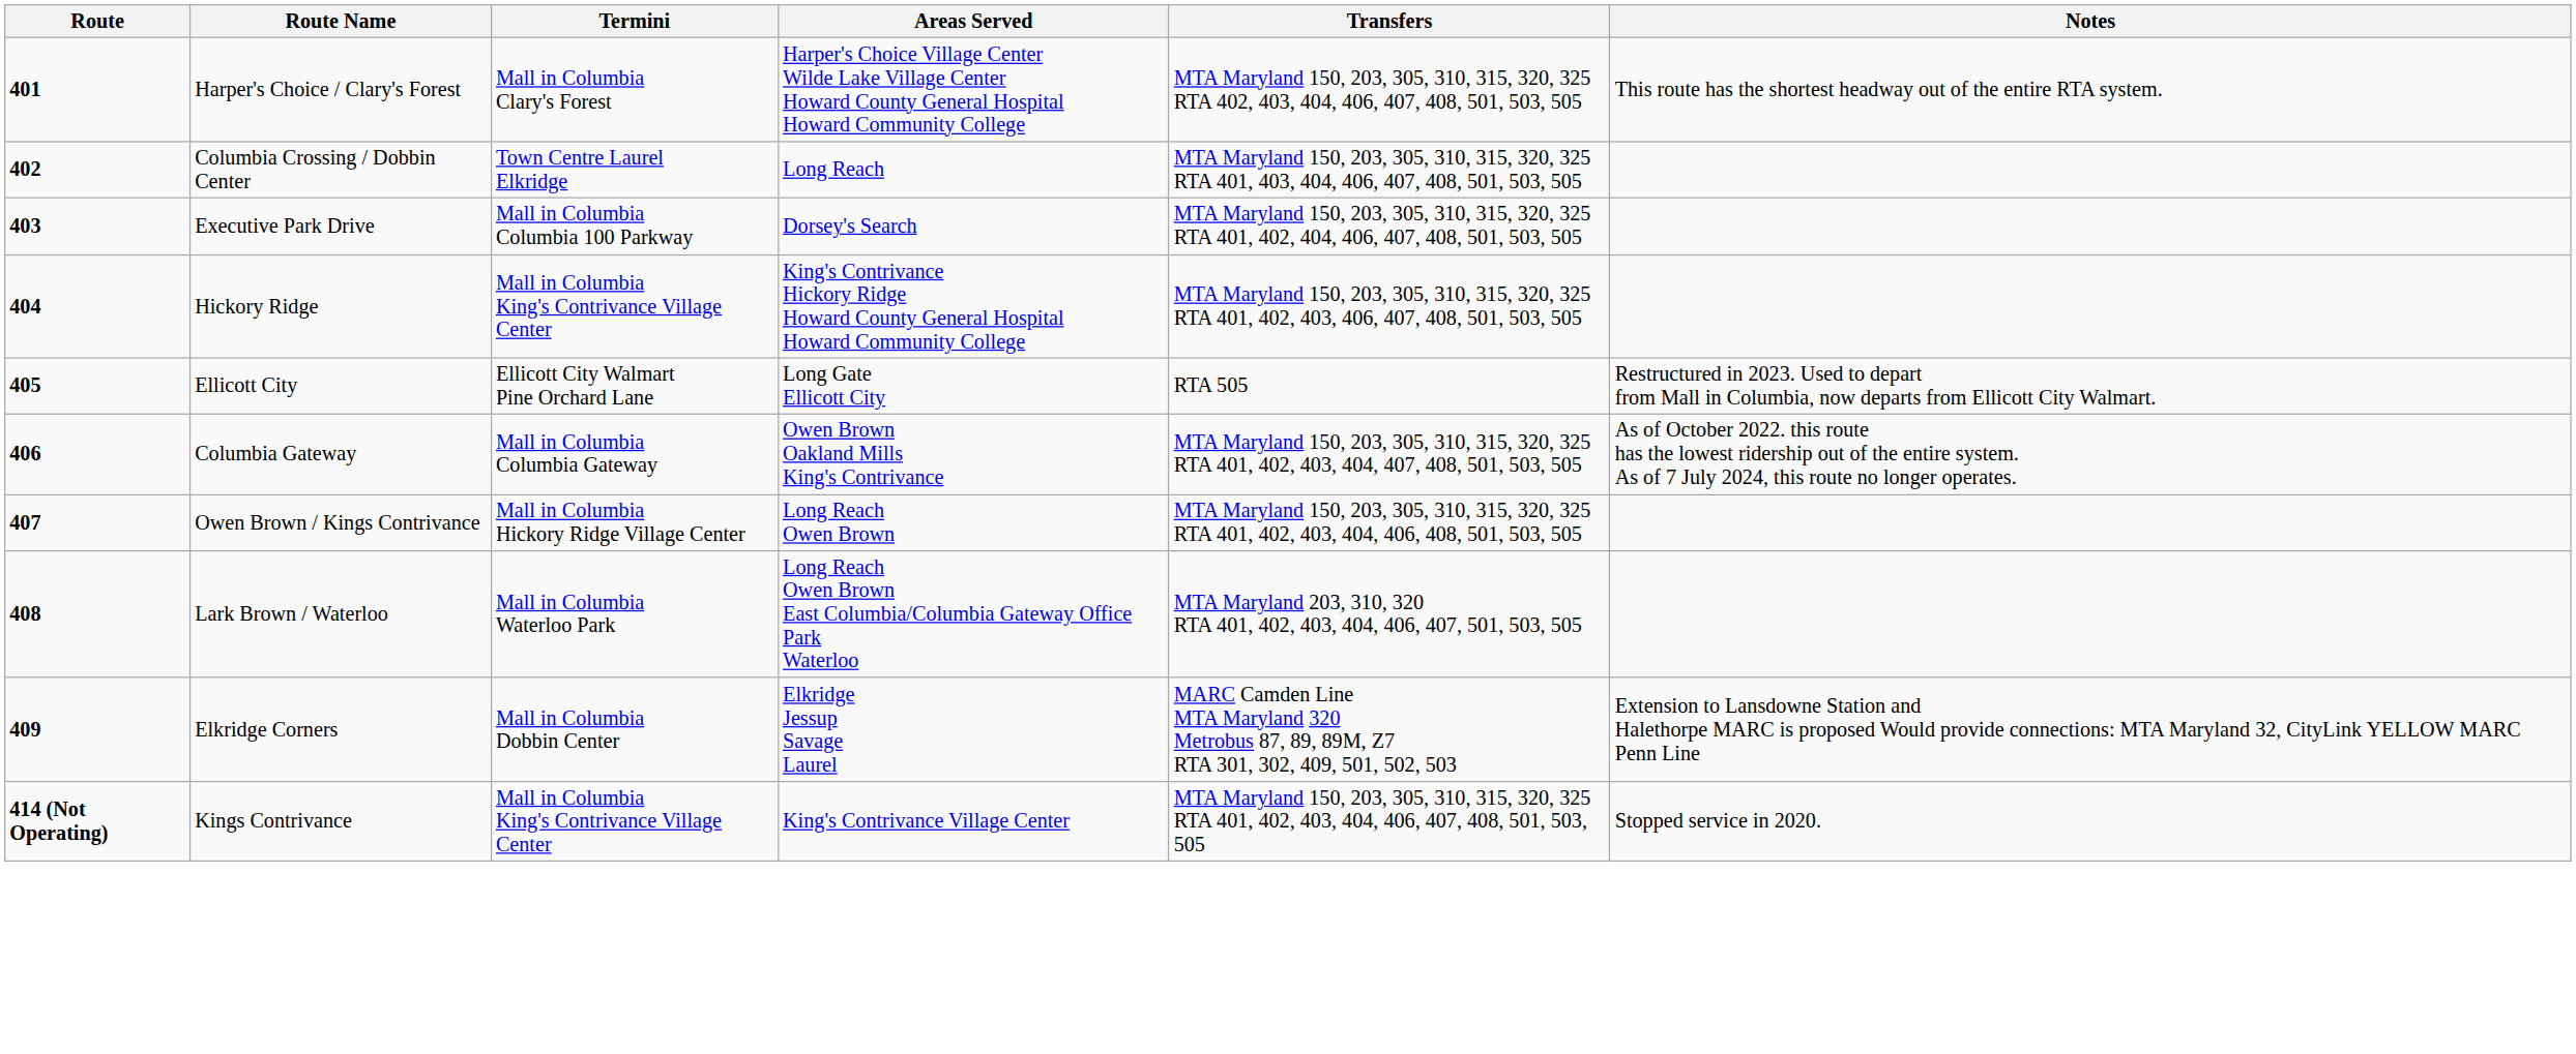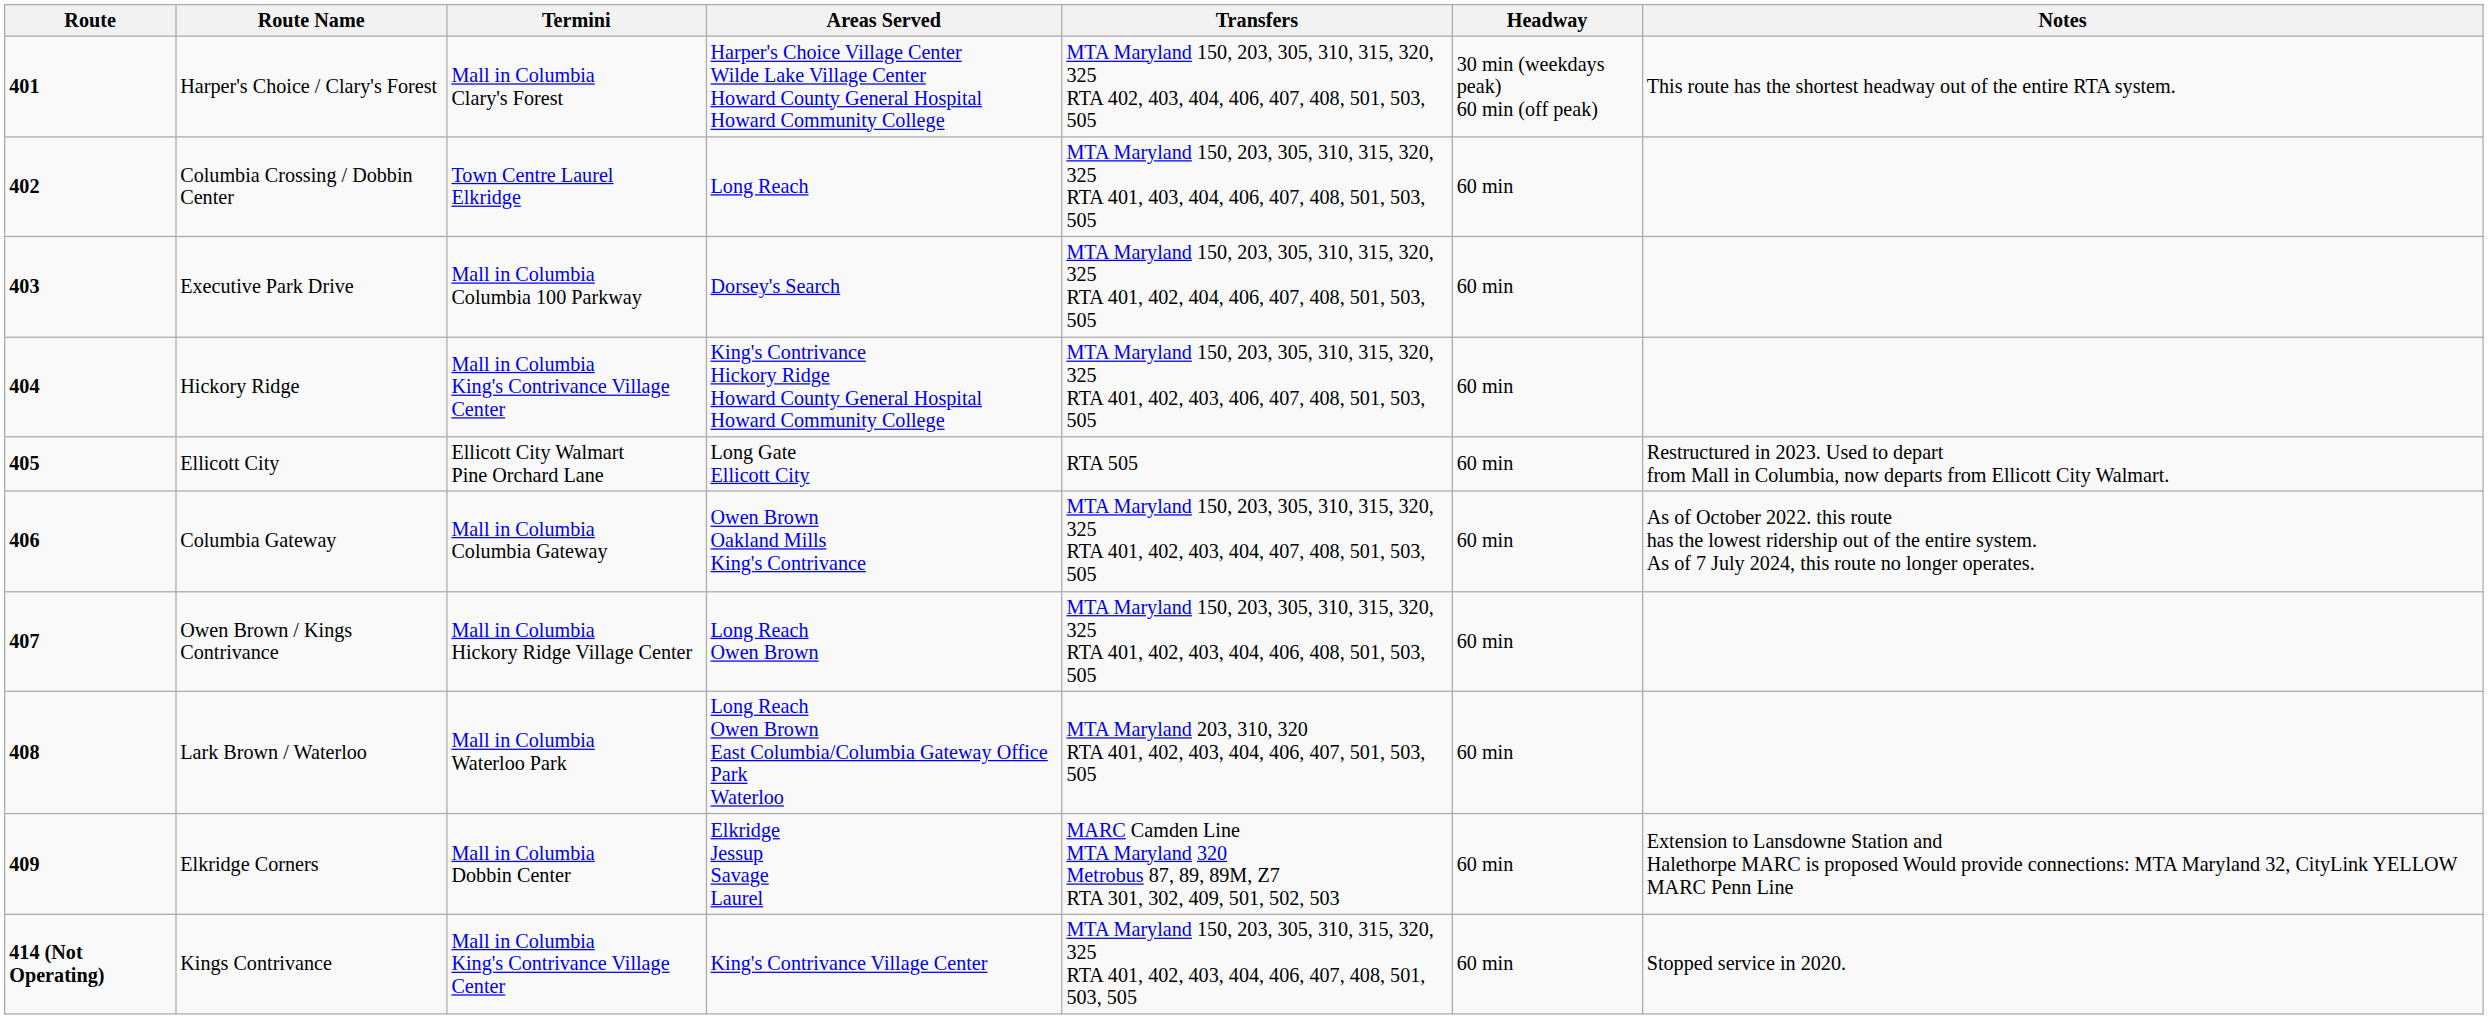 <table class="wikitable sticky-header">
 <tr>
 <th>Route</th>
 <th><strong>Route Name</strong></th>
 <th>Termini</th>
 <th>Areas Served</th>
 <th>Transfers</th>
+<th>Headway</th>
 <th>Notes</th>
 </tr>
 <tr>
 <td><strong>401</strong></td>
 <td>Harper's Choice / Clary's Forest</td>
 <td><a href='#'>Mall in Columbia</a><br>Clary's Forest</td>
 <td><a href='#'>Harper's Choice Village Center</a><br><a href='#'>Wilde Lake Village Center</a><br><a href='#'>Howard County General Hospital</a><br><a href='#'>Howard Community College</a></td>
 <td><a href='#'>MTA Maryland</a> 150, 203, 305, 310, 315, 320, 325 <br>RTA 402, 403, 404, 406, 407, 408, 501, 503, 505</td>
+<td>30 min (weekdays peak)<br>60 min (off peak)</td>
 <td>This route has the shortest headway out of the entire RTA system.</td>
 </tr>
 <tr>
 <td><strong>402</strong></td>
 <td>Columbia Crossing / Dobbin Center</td>
 <td><a href='#'>Town Centre Laurel</a><br><a href='#'>Elkridge</a></td>
 <td><a href='#'>Long Reach</a></td>
 <td><a href='#'>MTA Maryland</a> 150, 203, 305, 310, 315, 320, 325<br>RTA 401, 403, 404, 406, 407, 408, 501, 503, 505</td>
+<td>60 min</td>
 <td></td>
 </tr>
 <tr>
 <td><strong>403</strong></td>
 <td>Executive Park Drive</td>
 <td><a href='#'>Mall in Columbia</a><br>Columbia 100 Parkway</td>
 <td><a href='#'>Dorsey's Search</a></td>
 <td><a href='#'>MTA Maryland</a> 150, 203, 305, 310, 315, 320, 325<br>RTA 401, 402, 404, 406, 407, 408, 501, 503, 505</td>
+<td>60 min</td>
 <td></td>
 </tr>
 <tr>
 <td><strong>404</strong></td>
 <td>Hickory Ridge</td>
 <td><a href='#'>Mall in Columbia</a><br><a href='#'>King's Contrivance Village Center</a></td>
 <td><a href='#'>King's Contrivance</a><br><a href='#'>Hickory Ridge</a><br><a href='#'>Howard County General Hospital</a><br><a href='#'>Howard Community College</a></td>
 <td><a href='#'>MTA Maryland</a> 150, 203, 305, 310, 315, 320, 325<br>RTA 401, 402, 403, 406, 407, 408, 501, 503, 505</td>
+<td>60 min</td>
 <td></td>
 </tr>
 <tr>
 <td><strong>405</strong></td>
 <td>Ellicott City</td>
 <td>Ellicott City Walmart<br>Pine Orchard Lane</td>
 <td>Long Gate<br><a href='#'>Ellicott City</a></td>
 <td>RTA 505</td>
+<td>60 min</td>
 <td>Restructured in 2023. Used to depart<br>from Mall in Columbia, now departs from Ellicott City Walmart.</td>
 </tr>
 <tr>
 <td><strong>406</strong></td>
 <td>Columbia Gateway</td>
 <td><a href='#'>Mall in Columbia</a><br>Columbia Gateway</td>
 <td><a href='#'>Owen Brown</a><br><a href='#'>Oakland Mills</a><br><a href='#'>King's Contrivance</a></td>
 <td><a href='#'>MTA Maryland</a> 150, 203, 305, 310, 315, 320, 325<br>RTA 401, 402, 403, 404, 407, 408, 501, 503, 505</td>
+<td>60 min</td>
 <td>As of October 2022. this route<br>has the lowest ridership out of the entire system.<br>As of 7 July 2024, this route no longer operates.</td>
 </tr>
 <tr>
 <td><strong>407</strong></td>
 <td>Owen Brown / Kings Contrivance</td>
 <td><a href='#'>Mall in Columbia</a><br>Hickory Ridge Village Center</td>
 <td><a href='#'>Long Reach</a><br><a href='#'>Owen Brown</a></td>
 <td><a href='#'>MTA Maryland</a> 150, 203, 305, 310, 315, 320, 325 <br>RTA 401, 402, 403, 404, 406, 408, 501, 503, 505</td>
+<td>60 min</td>
 <td></td>
 </tr>
 <tr>
 <td><strong>408</strong></td>
 <td>Lark Brown / Waterloo</td>
 <td><a href='#'>Mall in Columbia</a><br>Waterloo Park</td>
 <td><a href='#'>Long Reach</a><br><a href='#'>Owen Brown</a><br><a href='#'>East Columbia/Columbia Gateway Office Park</a><br><a href='#'>Waterloo</a></td>
 <td><a href='#'>MTA Maryland</a> 203, 310, 320<br>RTA 401, 402, 403, 404, 406, 407, 501, 503, 505</td>
+<td>60 min</td>
 <td></td>
 </tr>
 <tr>
 <td><strong>409</strong></td>
 <td>Elkridge Corners</td>
 <td><a href='#'>Mall in Columbia</a><br>Dobbin Center</td>
 <td><a href='#'>Elkridge</a><br><a href='#'>Jessup</a><br><a href='#'>Savage</a><br><a href='#'>Laurel</a></td>
 <td><a href='#'>MARC</a> Camden Line<br><a href='#'>MTA Maryland</a> <a href='#'>320</a><br><a href='#'>Metrobus</a> 87, 89, 89M, Z7<br>RTA 301, 302, 409, 501, 502, 503</td>
+<td>60 min</td>
 <td>Extension to Lansdowne Station and<br>Halethorpe MARC is proposed Would provide connections:  MTA Maryland 32, CityLink YELLOW  MARC Penn Line</td>
 </tr>
 <tr>
 <td><strong>414 (Not Operating)</strong></td>
 <td>Kings Contrivance</td>
 <td><a href='#'>Mall in Columbia</a><br><a href='#'>King's Contrivance Village Center</a></td>
 <td><a href='#'>King's Contrivance Village Center</a></td>
 <td><a href='#'>MTA Maryland</a> 150, 203, 305, 310, 315, 320, 325<br>RTA 401, 402, 403, 404, 406, 407, 408, 501, 503, 505</td>
+<td>60 min</td>
 <td>Stopped service in 2020.</td>
 </tr>
 </table>
